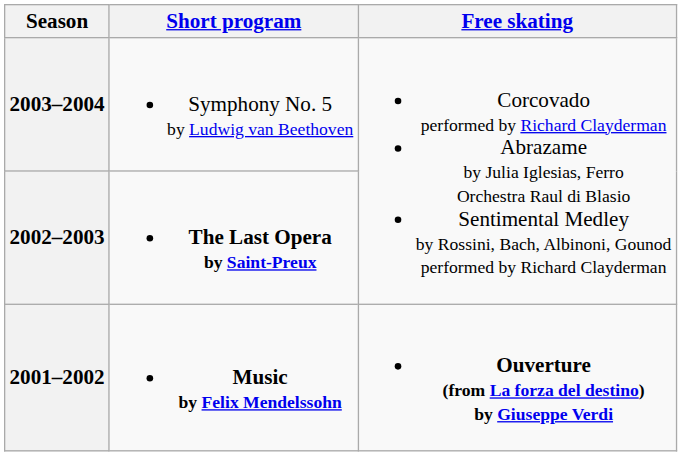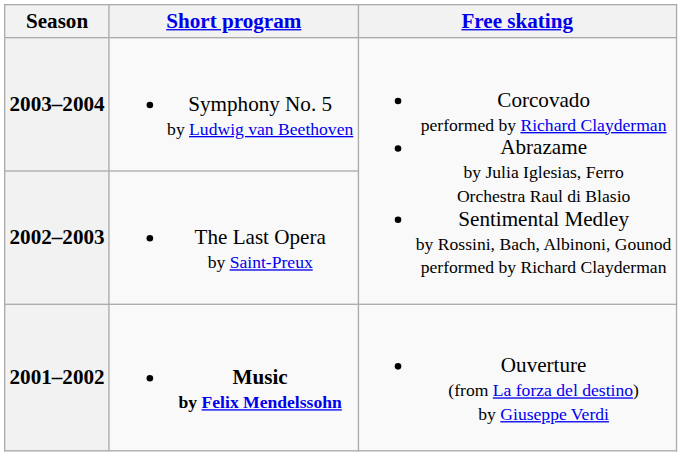 <table class=wikitable style=text-align:center>
 <tr>
 <th>Season</th>
 <th><a href='#'>Short program</a></th>
 <th><a href='#'>Free skating</a></th>
 </tr>
 <tr>
 <th>2003–2004 <br> </th>
 <td><br><ul><li>Symphony No. 5 <br><small> by <a href='#'>Ludwig van Beethoven</a> </small></li></ul></td>
 <td rowspan=2><br><ul><li>Corcovado <br><small> performed by <a href='#'>Richard Clayderman</a> </small></li><li>Abrazame <br><small> by Julia Iglesias, Ferro <br> Orchestra Raul di Blasio </small></li><li>Sentimental Medley <br><small> by Rossini, Bach, Albinoni, Gounod <br> performed by Richard Clayderman </small></li></ul></td>
 </tr>
 <tr>
 <th>2002–2003 <br> </th>
-<td><strong><br><ul><li>The Last Opera <br><small> by <a href='#'>Saint-Preux</a> </small></li></ul></strong></td>
+<td><br><ul><li>The Last Opera <br><small> by <a href='#'>Saint-Preux</a> </small></li></ul></td>
 </tr>
 <tr>
 <th>2001–2002 <br> </th>
 <td><strong><br><ul><li>Music <br><small> by <a href='#'>Felix Mendelssohn</a> </small></li></ul></strong></td>
-<td><strong><br><ul><li>Ouverture <br><small> (from <a href='#'>La forza del destino</a>) <br> by <a href='#'>Giuseppe Verdi</a> </small></li></ul></strong></td>
+<td><br><ul><li>Ouverture <br><small> (from <a href='#'>La forza del destino</a>) <br> by <a href='#'>Giuseppe Verdi</a> </small></li></ul></td>
 </tr>
 </table>
